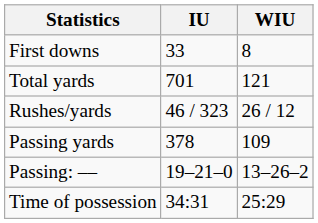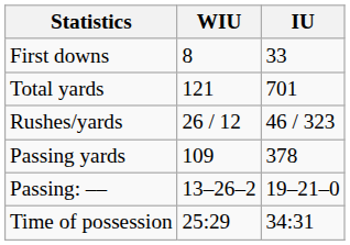 <table class="wikitable" style="float:left">
 <tr>
 <th>Statistics</th>
+<th>WIU</th>
 <th>IU</th>
-<th>WIU</th>
 </tr>
 <tr>
 <td>First downs</td>
+<td>8</td>
 <td>33</td>
-<td>8</td>
 </tr>
 <tr>
 <td>Total yards</td>
+<td>121</td>
 <td>701</td>
-<td>121</td>
 </tr>
 <tr>
 <td>Rushes/yards</td>
+<td>26 / 12</td>
 <td>46 / 323</td>
-<td>26 / 12</td>
 </tr>
 <tr>
 <td>Passing yards</td>
+<td>109</td>
 <td>378</td>
-<td>109</td>
 </tr>
 <tr>
 <td>Passing: ––</td>
+<td>13–26–2</td>
 <td>19–21–0</td>
-<td>13–26–2</td>
 </tr>
 <tr>
 <td>Time of possession</td>
+<td>25:29</td>
 <td>34:31</td>
-<td>25:29</td>
 </tr>
 </table>
